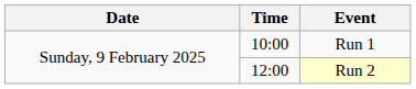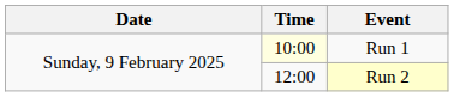 <table class = "wikitable" style="text-align:center;">
 <tr>
 <th width=220>Date</th>
 <th width=50>Time</th>
 <th width=100>Event</th>
 </tr>
 <tr>
 <td rowspan="2">Sunday, 9 February 2025</td>
-<td>10:00</td>
+<td style="background: lightyellow;">10:00</td>
 <td>Run 1</td>
 </tr>
 <tr>
 <td>12:00</td>
 <td bgcolor=ffffcc>Run 2</td>
 </tr>
 </table>
